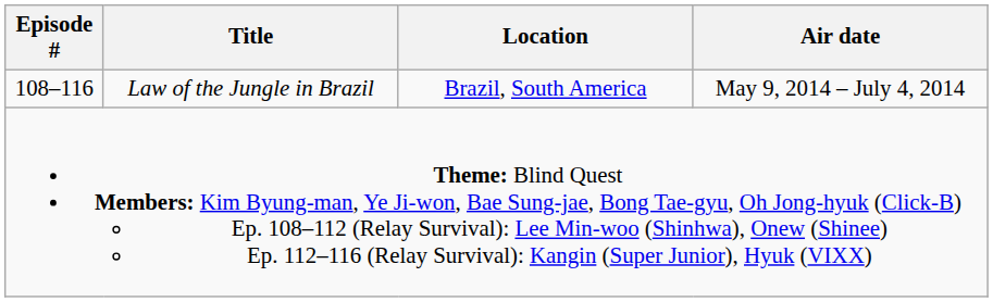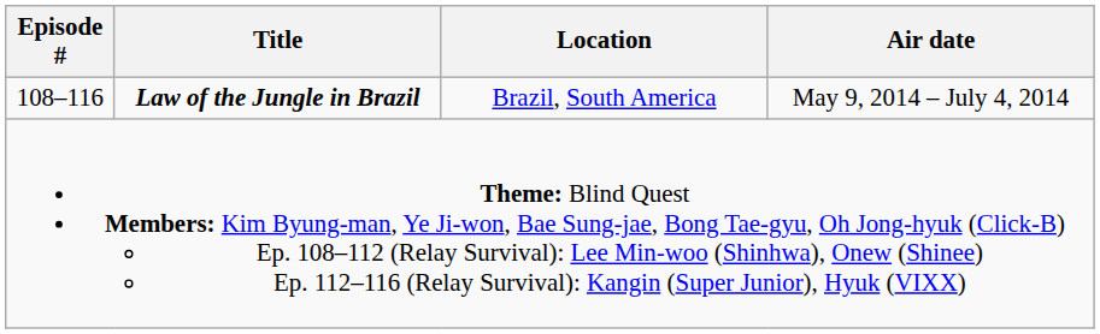 <table class="wikitable" style="text-align:center; font-size:90%; width:100%;">
 <tr>
 <th width="10%">Episode #</th>
 <th width="30%">Title</th>
 <th width="30%">Location</th>
 <th width="30%">Air date</th>
 </tr>
 <tr>
 <td>108–116</td>
-<td><em>Law of the Jungle in Brazil</em></td>
+<td><strong><em>Law of the Jungle in Brazil</em></strong></td>
 <td><a href='#'>Brazil</a>, <a href='#'>South America</a></td>
 <td>May 9, 2014 – July 4, 2014</td>
 </tr>
 <tr>
 <td colspan="4"><br><ul><li><strong>Theme:</strong> Blind Quest</li><li><strong>Members:</strong> <a href='#'>Kim Byung-man</a>, <a href='#'>Ye Ji-won</a>, <a href='#'>Bae Sung-jae</a>, <a href='#'>Bong Tae-gyu</a>, <a href='#'>Oh Jong-hyuk</a> (<a href='#'>Click-B</a>)<ul><li>Ep. 108–112 (Relay Survival): <a href='#'>Lee Min-woo</a> (<a href='#'>Shinhwa</a>), <a href='#'>Onew</a> (<a href='#'>Shinee</a>)</li><li>Ep. 112–116 (Relay Survival): <a href='#'>Kangin</a> (<a href='#'>Super Junior</a>), <a href='#'>Hyuk</a> (<a href='#'>VIXX</a>)</li></ul></li></ul></td>
 </tr>
 </table>
